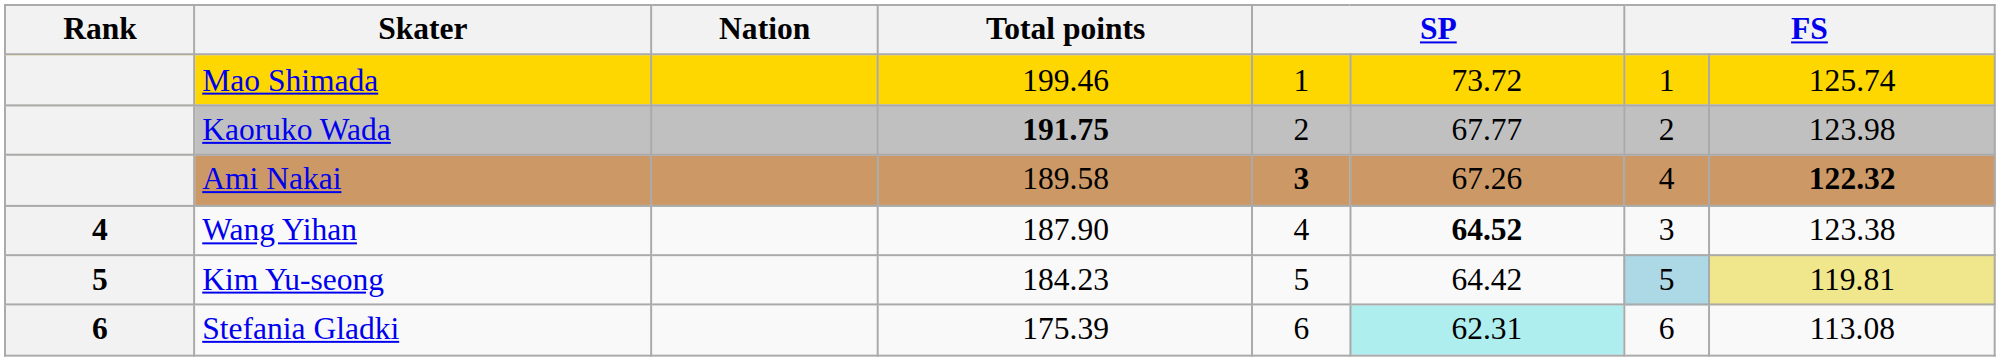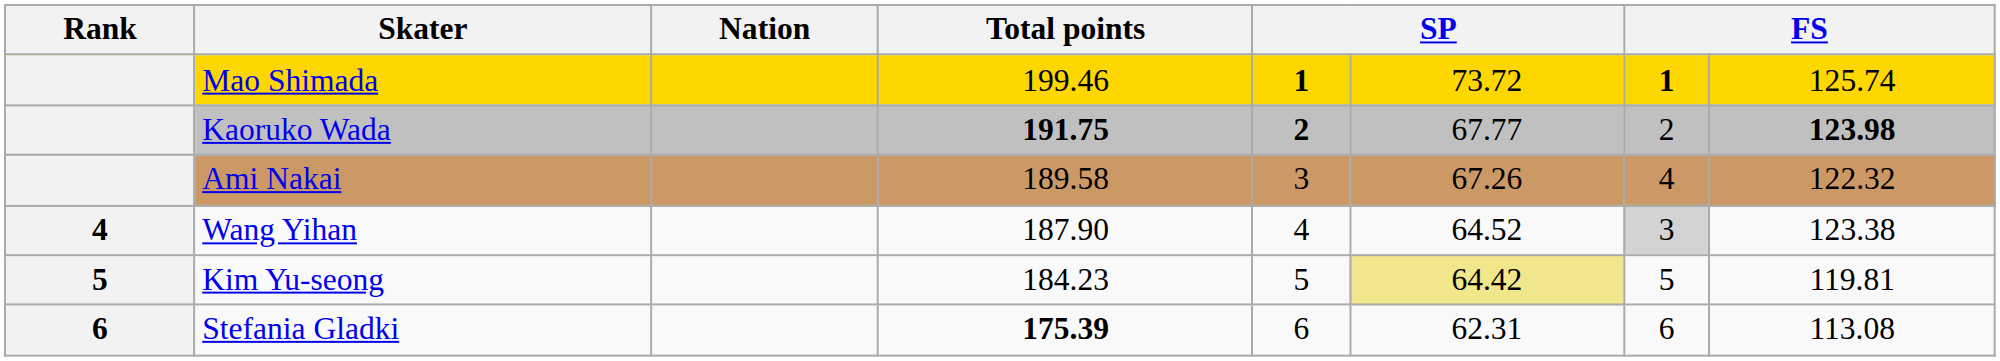 <table class="wikitable sortable" style="text-align:center;" width="80%">
 <tr>
 <th scope="col">Rank</th>
 <th scope="col">Skater</th>
 <th scope="col">Nation</th>
 <th scope="col">Total points</th>
 <th scope="col" colspan="2" width="80px"><a href='#'>SP</a></th>
 <th scope="col" colspan="2" width="80px"><a href='#'>FS</a></th>
 </tr>
 <tr bgcolor="gold">
 <th scope="row"></th>
 <td align="left"><a href='#'>Mao Shimada</a></td>
 <td align="left"></td>
 <td>199.46</td>
-<td>1</td>
+<td><strong>1</strong></td>
 <td>73.72</td>
-<td>1</td>
+<td><strong>1</strong></td>
 <td>125.74</td>
 </tr>
 <tr bgcolor="silver">
 <th scope="row"></th>
 <td align="left"><a href='#'>Kaoruko Wada</a></td>
 <td align="left"></td>
 <td><strong>191.75</strong></td>
-<td>2</td>
+<td><strong>2</strong></td>
 <td>67.77</td>
 <td>2</td>
-<td>123.98</td>
+<td><strong>123.98</strong></td>
 </tr>
 <tr bgcolor="cc9966">
 <th scope="row"></th>
 <td align="left"><a href='#'>Ami Nakai</a></td>
 <td align="left"></td>
 <td>189.58</td>
-<td><strong>3</strong></td>
+<td>3</td>
 <td>67.26</td>
 <td>4</td>
-<td><strong>122.32</strong></td>
+<td>122.32</td>
 </tr>
 <tr>
 <th scope="row">4</th>
 <td align="left"><a href='#'>Wang Yihan</a></td>
 <td align="left"></td>
 <td>187.90</td>
 <td>4</td>
-<td><strong>64.52</strong></td>
-<td>3</td>
+<td>64.52</td>
+<td style="background: lightgrey;">3</td>
 <td>123.38</td>
 </tr>
 <tr>
 <th scope="row">5</th>
 <td align="left"><a href='#'>Kim Yu-seong</a></td>
 <td align="left"></td>
 <td>184.23</td>
 <td>5</td>
-<td>64.42</td>
-<td style="background: lightblue;">5</td>
-<td style="background: khaki;">119.81</td>
+<td style="background: khaki;">64.42</td>
+<td>5</td>
+<td>119.81</td>
 </tr>
 <tr>
 <th scope="row">6</th>
 <td align="left"><a href='#'>Stefania Gladki</a></td>
 <td align="left"></td>
-<td>175.39</td>
+<td><strong>175.39</strong></td>
 <td>6</td>
-<td style="background: paleturquoise;">62.31</td>
+<td>62.31</td>
 <td>6</td>
 <td>113.08</td>
 </tr>
 </table>
